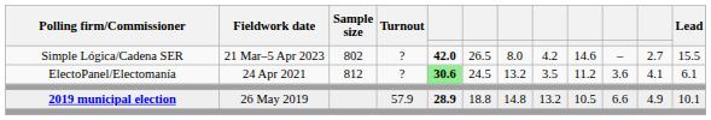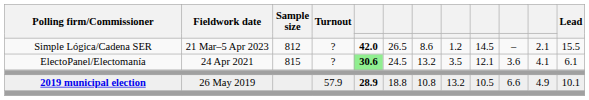 <table class="wikitable collapsible collapsed" style="text-align:center; font-size:95%; line-height:16px;">
 <tr style="height:42px;">
 <th style="width:250px;" rowspan="2">Polling firm/Commissioner</th>
 <th style="width:125px;" rowspan="2">Fieldwork date</th>
 <th style="width:50px;" rowspan="2">Sample size</th>
 <th style="width:45px;" rowspan="2">Turnout</th>
 <th style="width:35px;"></th>
 <th style="width:35px;"></th>
 <th style="width:35px;"></th>
 <th style="width:35px;"></th>
 <th style="width:35px;"></th>
 <th style="width:35px;"></th>
 <th style="width:35px;"></th>
 <th style="width:30px;" rowspan="2">Lead</th>
 </tr>
 <tr>
 <th style="color:inherit;background:"></th>
 <th style="color:inherit;background:"></th>
 <th style="color:inherit;background:"></th>
 <th style="color:inherit;background:"></th>
 <th style="color:inherit;background:"></th>
 <th style="color:inherit;background:"></th>
 <th style="color:inherit;background:"></th>
 </tr>
 <tr>
 <td>Simple Lógica/Cadena SER</td>
 <td>21 Mar–5 Apr 2023</td>
-<td>802</td>
+<td>812</td>
 <td>?</td>
 <td><strong>42.0</strong><br></td>
 <td>26.5<br></td>
-<td>8.0<br></td>
-<td>4.2<br></td>
-<td>14.6<br></td>
+<td>8.6<br></td>
+<td>1.2<br></td>
+<td>14.5<br></td>
 <td>–</td>
-<td>2.7<br></td>
+<td>2.1<br></td>
 <td style="background:">15.5</td>
 </tr>
 <tr>
 <td>ElectoPanel/Electomanía</td>
 <td>24 Apr 2021</td>
-<td>812</td>
+<td>815</td>
 <td>?</td>
 <td style="background: lightgreen;"><strong>30.6</strong><br></td>
 <td>24.5<br></td>
 <td>13.2<br></td>
 <td>3.5<br></td>
-<td>11.2<br></td>
+<td>12.1<br></td>
 <td>3.6<br></td>
 <td>4.1<br></td>
 <td style="background:">6.1</td>
 </tr>
 <tr>
 <td colspan="12" style="background:#A0A0A0"></td>
 </tr>
 <tr style="background:#EFEFEF;">
 <td><strong><a href='#'>2019 municipal election</a></strong></td>
 <td>26 May 2019</td>
 <td></td>
 <td>57.9</td>
 <td><strong>28.9</strong><br></td>
 <td>18.8<br></td>
-<td>14.8<br></td>
+<td>10.8<br></td>
 <td>13.2<br></td>
 <td>10.5<br></td>
 <td>6.6<br></td>
 <td>4.9<br></td>
 <td style="background:">10.1</td>
 </tr>
 <tr>
 <td colspan="12" style="background:#A0A0A0"></td>
 </tr>
 </table>
